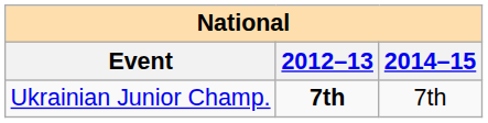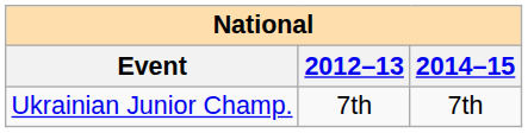 <table class="wikitable" style="text-align:center">
 <tr>
 <th style="background-color: #ffdead; " colspan=3 align=center>National</th>
 </tr>
 <tr>
 <th>Event</th>
 <th><a href='#'>2012–13</a></th>
 <th><a href='#'>2014–15</a></th>
 </tr>
 <tr>
 <td align=left><a href='#'>Ukrainian Junior Champ.</a></td>
-<td><strong>7th</strong></td>
+<td>7th</td>
 <td>7th</td>
 </tr>
 </table>
